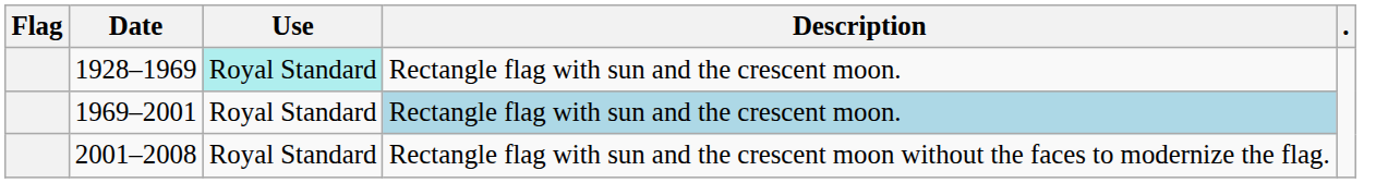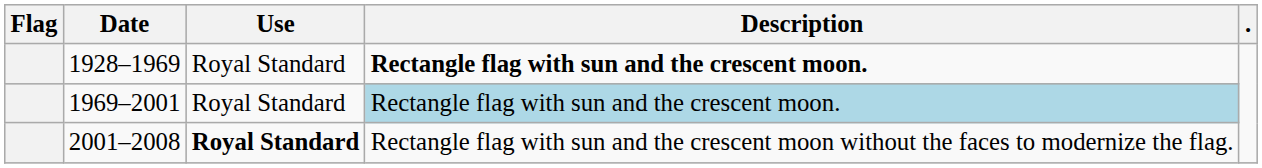 <table class="wikitable plainrowheaders sortable">
 <tr>
 <th scope="col">Flag</th>
 <th scope="col">Date</th>
 <th scope="col">Use</th>
 <th scope="col">Description</th>
 <th scope="col" class="unsortable">.</th>
 </tr>
 <tr>
 <th></th>
 <td>1928–1969</td>
-<td style="background: paleturquoise;">Royal Standard</td>
-<td>Rectangle flag with sun and the crescent moon.</td>
+<td>Royal Standard</td>
+<td><strong>Rectangle flag with sun and the crescent moon.</strong></td>
 <td rowspan="3"></td>
 </tr>
 <tr>
 <th></th>
 <td>1969–2001</td>
 <td>Royal Standard</td>
 <td style="background: lightblue;">Rectangle flag with sun and the crescent moon.</td>
 </tr>
 <tr>
 <th scope="row"></th>
 <td>2001–2008</td>
-<td>Royal Standard</td>
+<td><strong>Royal Standard</strong></td>
 <td>Rectangle flag with sun and the crescent moon without the faces to modernize the flag.</td>
 </tr>
 </table>
